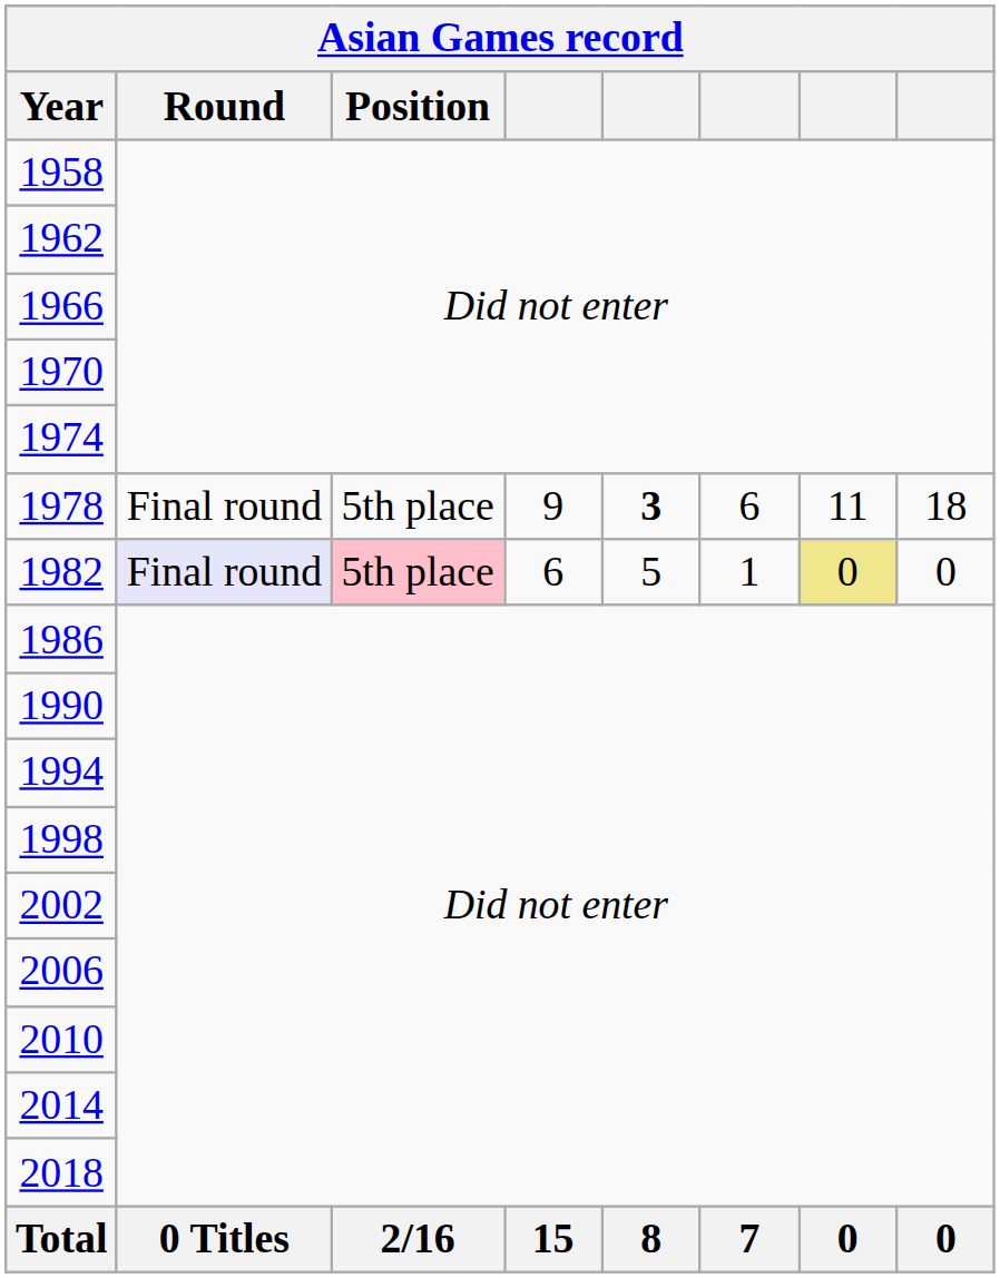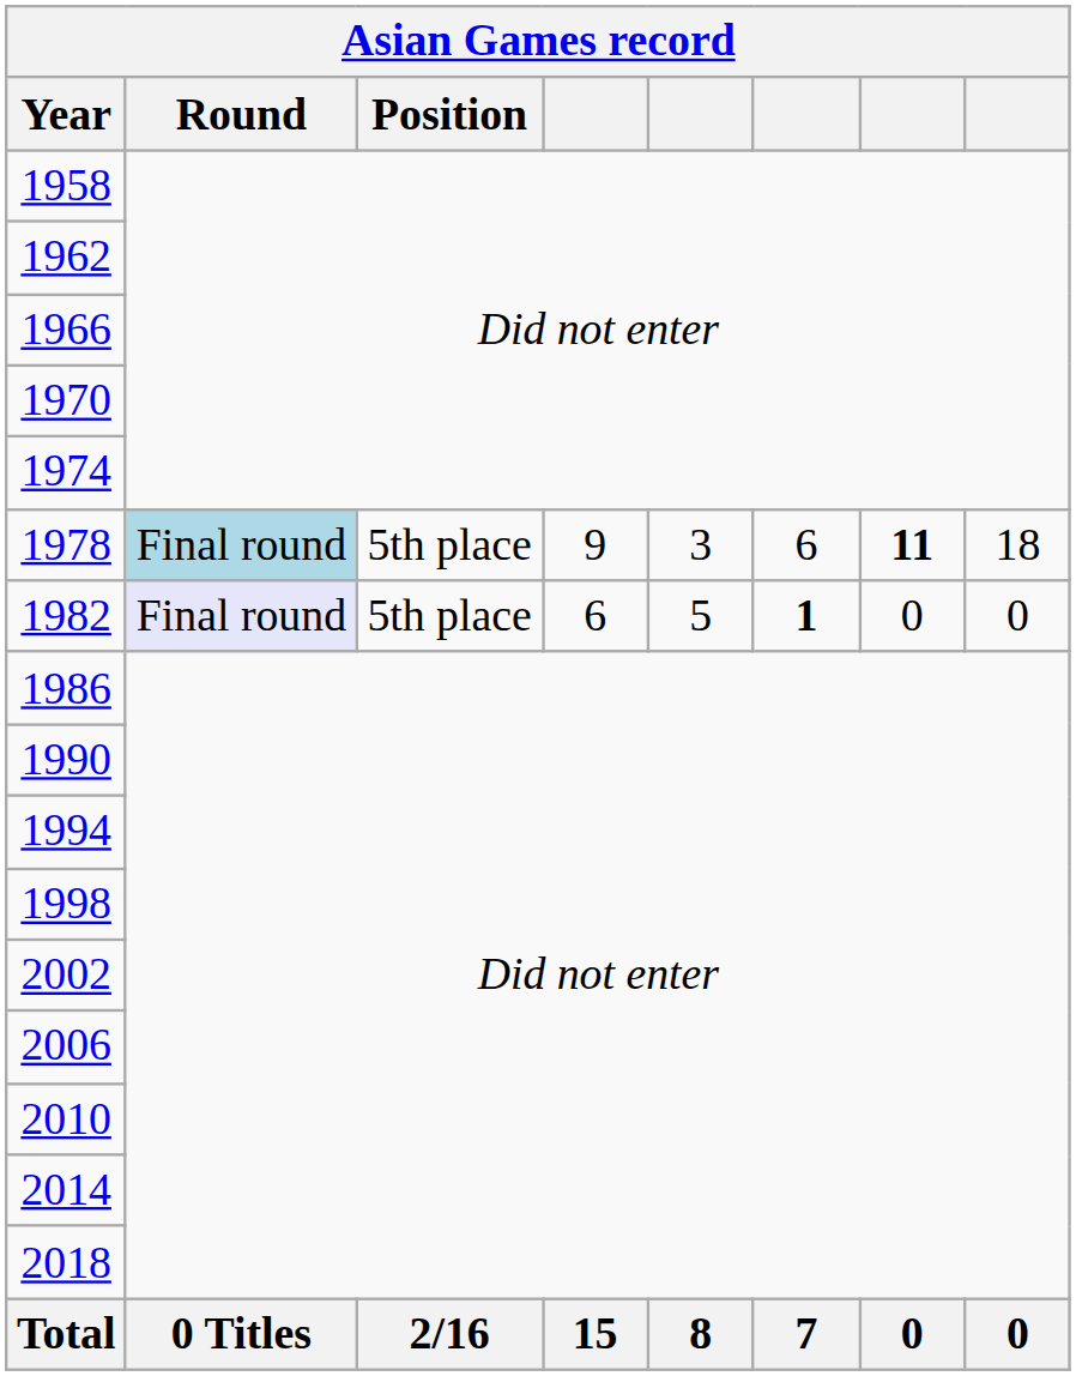 <table class="wikitable" style="text-align: center;">
 <tr>
 <th colspan=8><a href='#'>Asian Games record</a></th>
 </tr>
 <tr>
 <th>Year</th>
 <th>Round</th>
 <th>Position</th>
 <th width=30></th>
 <th width=30></th>
 <th width=30></th>
 <th width=30></th>
 <th width=30></th>
 </tr>
 <tr>
 <td> <a href='#'>1958</a></td>
 <td rowspan=5  colspan=8><em>Did not enter</em></td>
 </tr>
 <tr>
 <td> <a href='#'>1962</a></td>
 </tr>
 <tr>
 <td> <a href='#'>1966</a></td>
 </tr>
 <tr>
 <td> <a href='#'>1970</a></td>
 </tr>
 <tr>
 <td> <a href='#'>1974</a></td>
 </tr>
 <tr>
 <td> <a href='#'>1978</a></td>
-<td>Final round</td>
+<td style="background: lightblue;">Final round</td>
 <td>5th place</td>
 <td>9</td>
-<td><strong>3</strong></td>
+<td>3</td>
 <td>6</td>
-<td>11</td>
+<td><strong>11</strong></td>
 <td>18</td>
 </tr>
 <tr>
 <td> <a href='#'>1982</a></td>
 <td style="background: lavender;">Final round</td>
-<td style="background: pink;">5th place</td>
+<td>5th place</td>
 <td>6</td>
 <td>5</td>
-<td>1</td>
-<td style="background: khaki;">0</td>
+<td><strong>1</strong></td>
+<td>0</td>
 <td>0</td>
 </tr>
 <tr>
 <td> <a href='#'>1986</a></td>
 <td rowspan=9  colspan=8><em>Did not enter</em></td>
 </tr>
 <tr>
 <td> <a href='#'>1990</a></td>
 </tr>
 <tr>
 <td> <a href='#'>1994</a></td>
 </tr>
 <tr>
 <td> <a href='#'>1998</a></td>
 </tr>
 <tr>
 <td> <a href='#'>2002</a></td>
 </tr>
 <tr>
 <td> <a href='#'>2006</a></td>
 </tr>
 <tr>
 <td> <a href='#'>2010</a></td>
 </tr>
 <tr>
 <td> <a href='#'>2014</a></td>
 </tr>
 <tr>
 <td> <a href='#'>2018</a></td>
 </tr>
 <tr>
 <th>Total</th>
 <th>0 Titles</th>
 <th>2/16</th>
 <th>15</th>
 <th>8</th>
 <th>7</th>
 <th>0</th>
 <th>0</th>
 </tr>
 </table>
